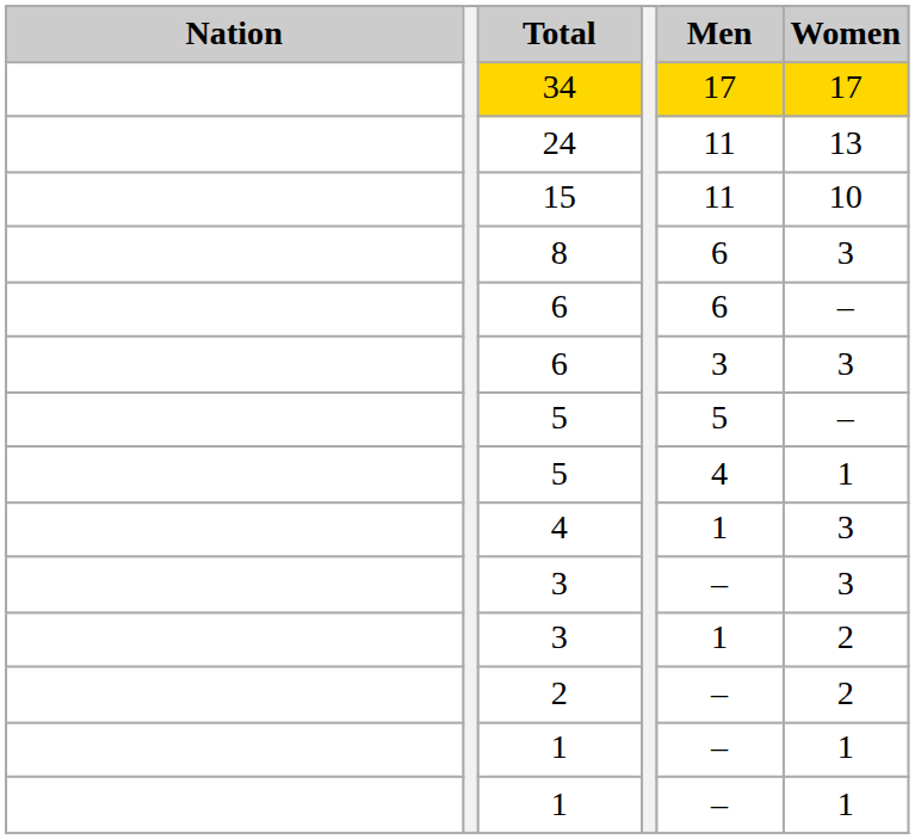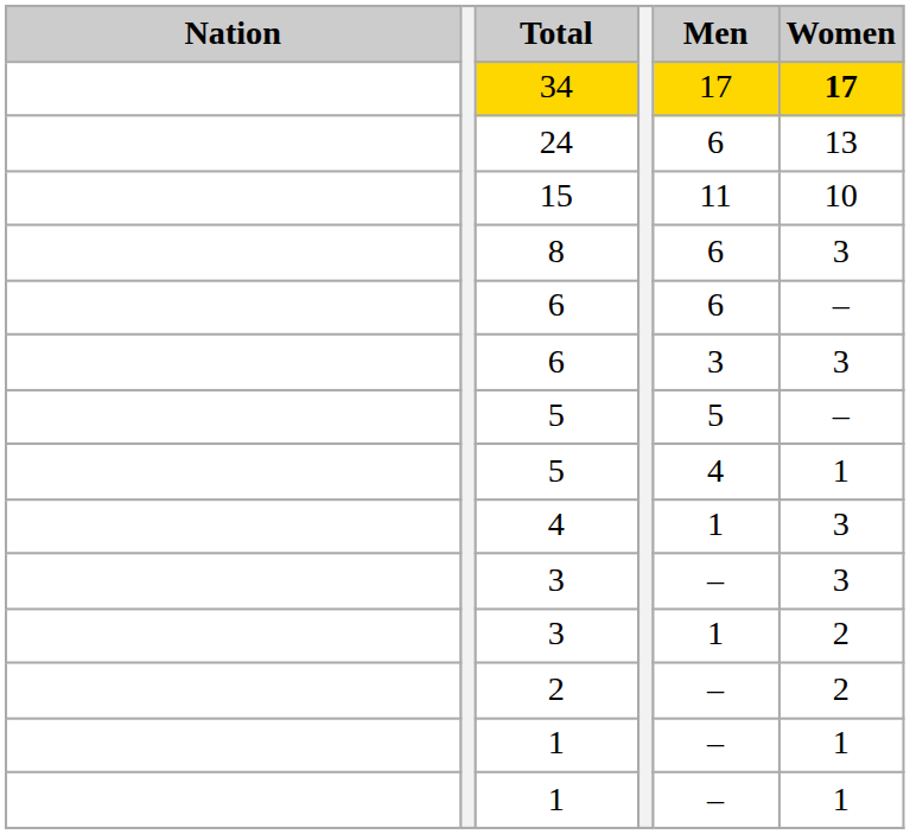 <table class="wikitable plainrowheaders" style="background:#fff; font-size:86%; line-height:16px; border:grey solid 1px; border-collapse:collapse">
 <tr style="background:#ccc; text-align:center;">
 <th style="background-color: #ccc;" width="180">Nation</th>
 <th rowspan=15></th>
 <th style="background-color: #ccc;" width="60">Total</th>
 <th rowspan=15></th>
 <th style="background-color: #ccc;" width="45">Men</th>
 <th style="background-color: #ccc;" width="45">Women</th>
 </tr>
 <tr align=center>
 <td align=left></td>
 <td style="background:gold;">34</td>
 <td style="background:gold;">17</td>
-<td style="background:gold;">17</td>
+<td style="background:gold;"><strong>17</strong></td>
 </tr>
 <tr align=center>
 <td align=left>  </td>
 <td>24</td>
-<td>11</td>
+<td>6</td>
 <td>13</td>
 </tr>
 <tr align=center>
 <td align=left></td>
 <td>15</td>
 <td>11</td>
 <td>10</td>
 </tr>
 <tr align=center>
 <td align=left></td>
 <td>8</td>
 <td>6</td>
 <td>3</td>
 </tr>
 <tr align=center>
 <td align=left></td>
 <td>6</td>
 <td>6</td>
 <td>–</td>
 </tr>
 <tr align=center>
 <td align=left></td>
 <td>6</td>
 <td>3</td>
 <td>3</td>
 </tr>
 <tr align=center>
 <td align=left></td>
 <td>5</td>
 <td>5</td>
 <td>–</td>
 </tr>
 <tr align=center>
 <td align=left></td>
 <td>5</td>
 <td>4</td>
 <td>1</td>
 </tr>
 <tr align=center>
 <td align=left></td>
 <td>4</td>
 <td>1</td>
 <td>3</td>
 </tr>
 <tr align=center>
 <td align=left></td>
 <td>3</td>
 <td>–</td>
 <td>3</td>
 </tr>
 <tr align=center>
 <td align=left></td>
 <td>3</td>
 <td>1</td>
 <td>2</td>
 </tr>
 <tr align=center>
 <td align=left></td>
 <td>2</td>
 <td>–</td>
 <td>2</td>
 </tr>
 <tr align=center>
 <td align=left></td>
 <td>1</td>
 <td>–</td>
 <td>1</td>
 </tr>
 <tr align=center>
 <td align=left></td>
 <td>1</td>
 <td>–</td>
 <td>1</td>
 </tr>
 </table>
